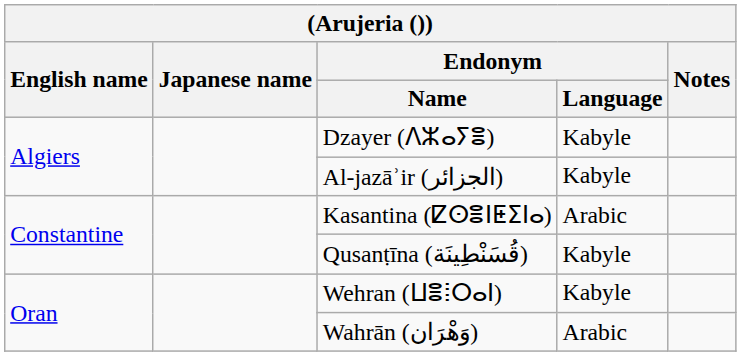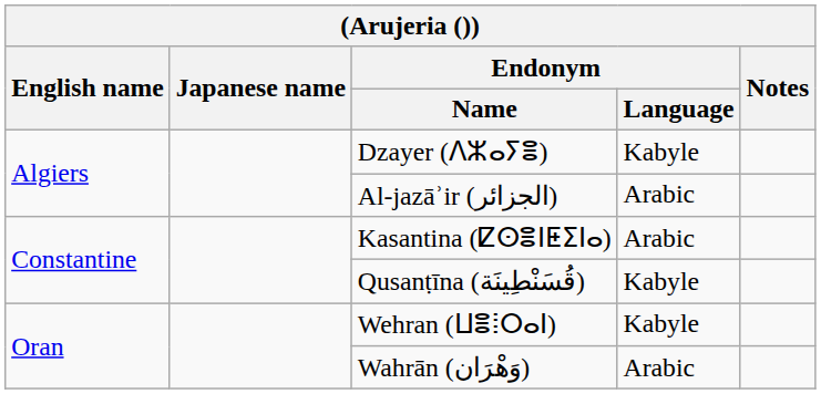 <table class="wikitable sortable">
 <tr>
 <th colspan="5"> (Arujeria ())</th>
 </tr>
 <tr>
 <th rowspan="2">English name</th>
 <th rowspan="2">Japanese name</th>
 <th colspan="2">Endonym</th>
 <th rowspan="2">Notes</th>
 </tr>
 <tr>
 <th>Name</th>
 <th>Language</th>
 </tr>
 <tr>
 <td rowspan="2"><a href='#'>Algiers</a></td>
 <td rowspan="2"></td>
 <td>Dzayer (ⴷⵣⴰⵢⴻ)</td>
 <td>Kabyle</td>
 <td></td>
 </tr>
 <tr>
 <td>Al-jazāʾir (الجزائر‎)</td>
-<td>Kabyle</td>
+<td>Arabic</td>
 <td></td>
 </tr>
 <tr>
 <td rowspan="2"><a href='#'>Constantine</a></td>
 <td rowspan="2"></td>
 <td>Kasantina (ⵇⵙⴻⵏⵟⵉⵏⴰ)</td>
 <td>Arabic</td>
 <td></td>
 </tr>
 <tr>
 <td>Qusanṭīna (قُسَنْطِينَة)</td>
 <td>Kabyle</td>
 <td></td>
 </tr>
 <tr>
 <td rowspan="2"><a href='#'>Oran</a></td>
 <td rowspan="2"></td>
 <td>Wehran (ⵡⴻⵂⵔⴰⵏ)</td>
 <td>Kabyle</td>
 <td></td>
 </tr>
 <tr>
 <td>Wahrān (وَهْرَان)</td>
 <td>Arabic</td>
 <td></td>
 </tr>
 </table>
